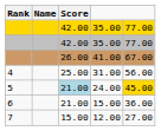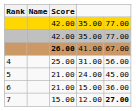 <table class="wikitable">
 <tr>
 <th>Rank</th>
 <th>Name</th>
 <th>Score</th>
 </tr>
 <tr style="background:gold;">
 <td></td>
 <td></td>
 <td>42.00</td>
 <td>35.00</td>
 <td>77.00</td>
 </tr>
 <tr style="background:silver;">
 <td></td>
 <td></td>
 <td>42.00</td>
 <td>35.00</td>
 <td>77.00</td>
 </tr>
 <tr style="background:#cc9966;">
 <td></td>
 <td></td>
-<td>26.00</td>
+<td><strong>26.00</strong></td>
 <td>41.00</td>
 <td>67.00</td>
 </tr>
 <tr>
 <td>4</td>
 <td></td>
 <td>25.00</td>
 <td>31.00</td>
 <td>56.00</td>
 </tr>
 <tr>
 <td>5</td>
 <td></td>
-<td style="background: lightblue;">21.00</td>
+<td>21.00</td>
 <td>24.00</td>
-<td style="background: gold;">45.00</td>
+<td>45.00</td>
 </tr>
 <tr>
 <td>6</td>
 <td></td>
 <td>21.00</td>
 <td>15.00</td>
 <td>36.00</td>
 </tr>
 <tr>
 <td>7</td>
 <td></td>
 <td>15.00</td>
 <td>12.00</td>
-<td>27.00</td>
+<td><strong>27.00</strong></td>
 </tr>
 </table>
